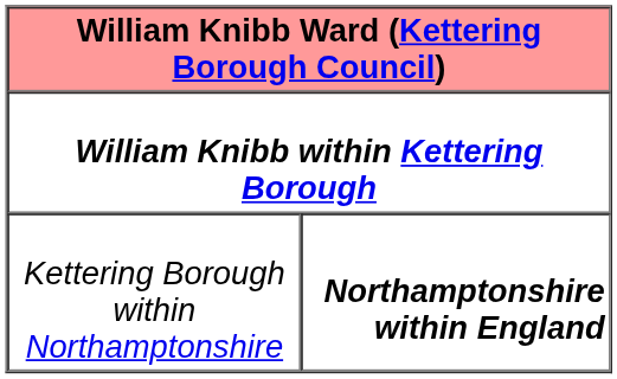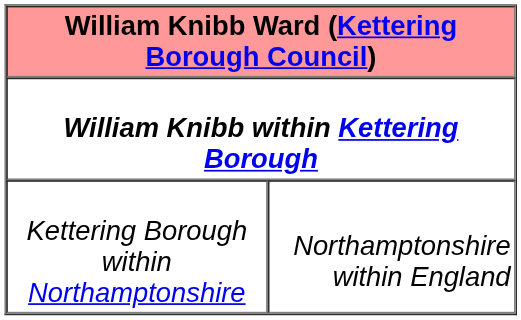 <table border=1 cellpadding="2" cellspacing="0" align="right" width=300>
 <tr>
 <th colspan=2 align=center bgcolor="#ff9999">William Knibb Ward (<a href='#'>Kettering Borough Council</a>)</th>
 </tr>
 <tr>
 <th colspan=2 alignn=center><br><em>William Knibb within <a href='#'>Kettering Borough</a></em></th>
 </tr>
 <tr>
 <td align=center><br><em>Kettering Borough within <a href='#'>Northamptonshire</a></em></td>
-<td align=right><strong><br><em>Northamptonshire within England</em></strong></td>
+<td align=right><br><em>Northamptonshire within England</em></td>
 </tr>
 </table>
